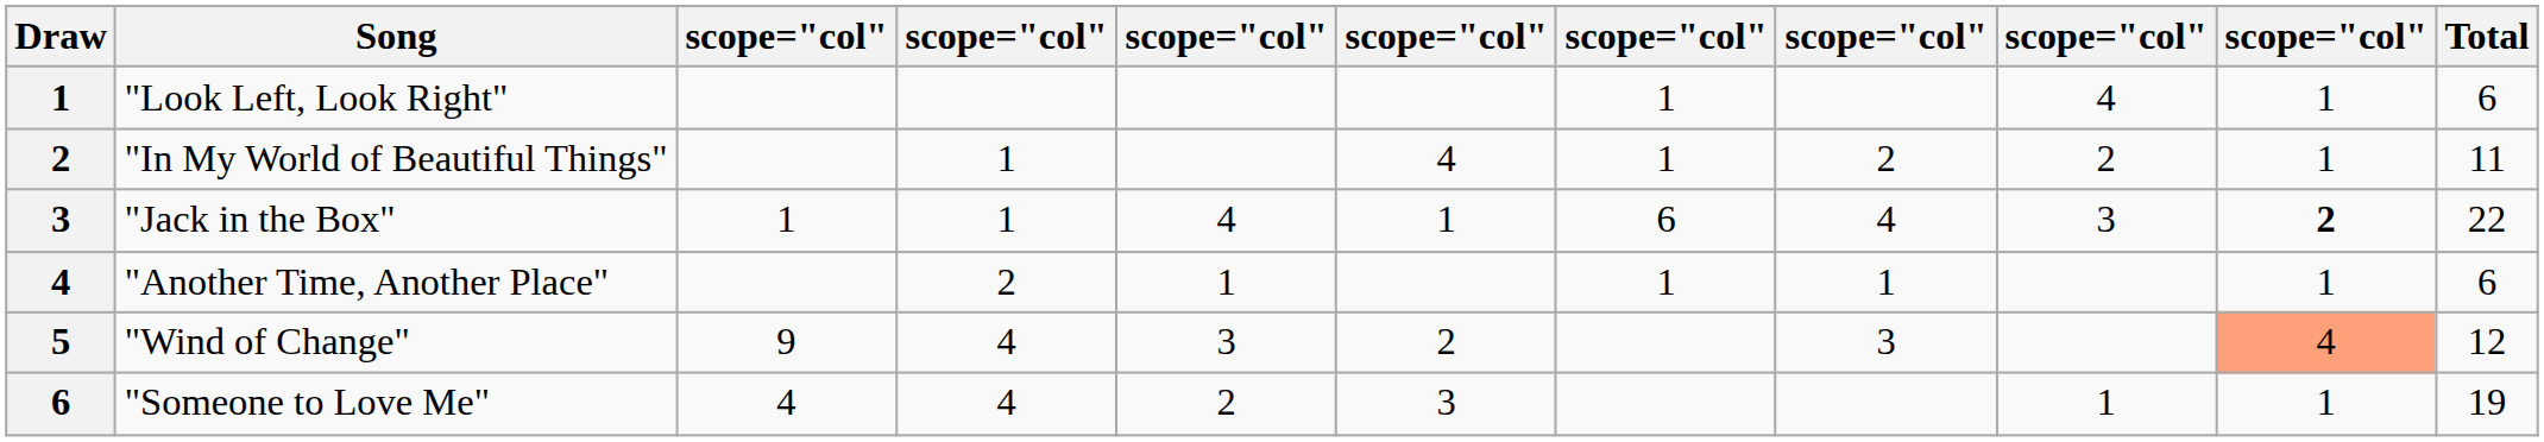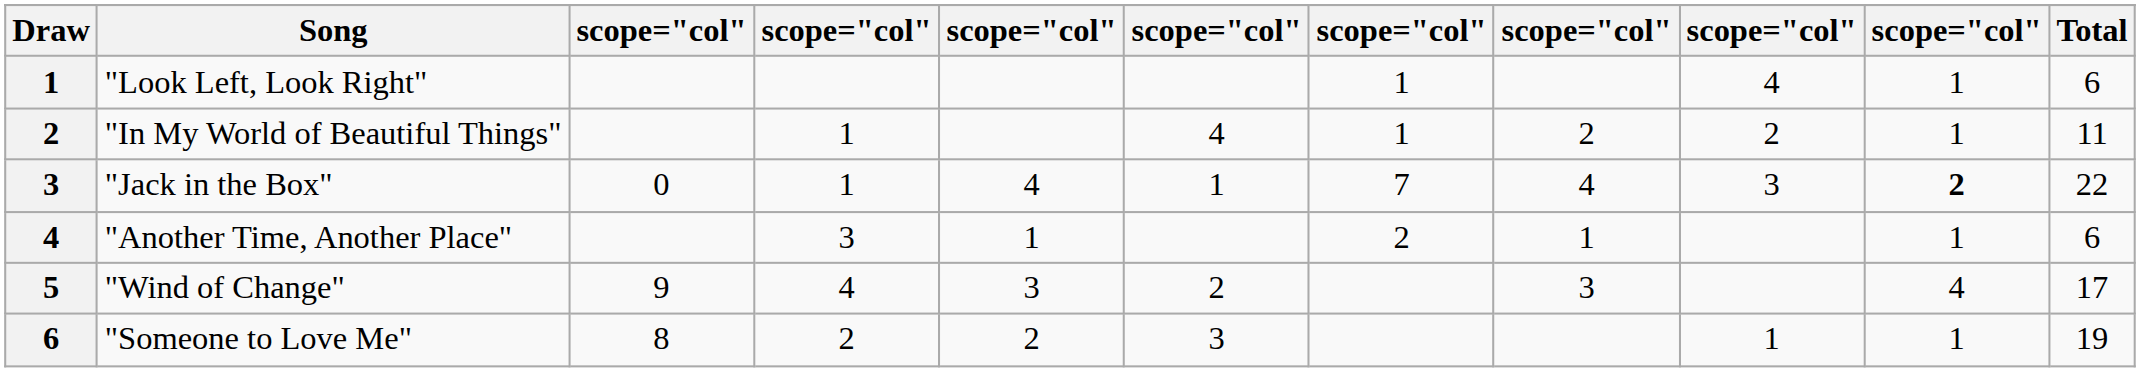 <table class="wikitable plainrowheaders" style="margin: 1em auto 1em auto; text-align:center;">
 <tr>
 </tr>
 <tr>
 <th scope="col">Draw</th>
 <th scope="col">Song</th>
 <th>scope="col" </th>
 <th>scope="col" </th>
 <th>scope="col" </th>
 <th>scope="col" </th>
 <th>scope="col" </th>
 <th>scope="col" </th>
 <th>scope="col" </th>
 <th>scope="col" </th>
 <th scope="col">Total</th>
 </tr>
 <tr>
 <th scope="row" style="text-align:center;">1</th>
 <td align=left>"Look Left, Look Right"</td>
 <td></td>
 <td></td>
 <td></td>
 <td></td>
 <td>1</td>
 <td></td>
 <td>4</td>
 <td>1</td>
 <td>6</td>
 </tr>
 <tr>
 <th scope="row" style="text-align:center;">2</th>
 <td align=left>"In My World of Beautiful Things"</td>
 <td></td>
 <td>1</td>
 <td></td>
 <td>4</td>
 <td>1</td>
 <td>2</td>
 <td>2</td>
 <td>1</td>
 <td>11</td>
 </tr>
 <tr>
 <th scope="row" style="text-align:center;">3</th>
 <td align=left>"Jack in the Box"</td>
-<td>1</td>
+<td>0</td>
 <td>1</td>
 <td>4</td>
 <td>1</td>
-<td>6</td>
+<td>7</td>
 <td>4</td>
 <td>3</td>
 <td><strong>2</strong></td>
 <td>22</td>
 </tr>
 <tr>
 <th scope="row" style="text-align:center;">4</th>
 <td align=left>"Another Time, Another Place"</td>
 <td></td>
-<td>2</td>
+<td>3</td>
 <td>1</td>
 <td></td>
-<td>1</td>
+<td>2</td>
 <td>1</td>
 <td></td>
 <td>1</td>
 <td>6</td>
 </tr>
 <tr>
 <th scope="row" style="text-align:center;">5</th>
 <td align=left>"Wind of Change"</td>
 <td>9</td>
 <td>4</td>
 <td>3</td>
 <td>2</td>
 <td></td>
 <td>3</td>
 <td></td>
-<td style="background: lightsalmon;">4</td>
-<td>12</td>
+<td>4</td>
+<td>17</td>
 </tr>
 <tr>
 <th scope="row" style="text-align:center;">6</th>
 <td align=left>"Someone to Love Me"</td>
-<td>4</td>
-<td>4</td>
+<td>8</td>
+<td>2</td>
 <td>2</td>
 <td>3</td>
 <td></td>
 <td></td>
 <td>1</td>
 <td>1</td>
 <td>19</td>
 </tr>
 </table>
